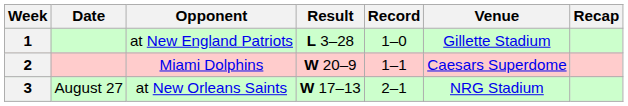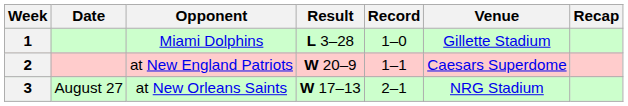 <table class="wikitable" style="text-align:center">
 <tr>
 <th>Week</th>
 <th>Date</th>
 <th>Opponent</th>
 <th>Result</th>
 <th>Record</th>
 <th>Venue</th>
 <th>Recap</th>
 </tr>
 <tr style="background:#cfc">
 <th>1</th>
 <td></td>
-<td>at <a href='#'>New England Patriots</a></td>
+<td><a href='#'>Miami Dolphins</a></td>
 <td><strong>L</strong> 3–28</td>
 <td>1–0</td>
 <td><a href='#'>Gillette Stadium</a></td>
 <td></td>
 </tr>
 <tr style="background:#fcc">
 <th>2</th>
 <td></td>
-<td><a href='#'>Miami Dolphins</a></td>
+<td>at <a href='#'>New England Patriots</a></td>
 <td><strong>W</strong> 20–9</td>
 <td>1–1</td>
 <td><a href='#'>Caesars Superdome</a></td>
 <td></td>
 </tr>
 <tr style="background:#cfc">
 <th>3</th>
 <td>August 27</td>
 <td>at <a href='#'>New Orleans Saints</a></td>
 <td><strong>W</strong> 17–13</td>
 <td>2–1</td>
 <td><a href='#'>NRG Stadium</a></td>
 <td></td>
 </tr>
 </table>
